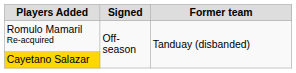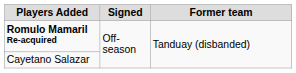 <table class="wikitable sortable sortable">
 <tr align="center" bgcolor="#dddddd">
 <td style="width:140px"><strong>Players Added</strong></td>
 <td style="width:70px"><strong>Signed</strong></td>
 <td style="width:210px"><strong>Former team</strong></td>
 </tr>
 <tr>
-<td>Romulo Mamaril <sup>Re-acquired</sup></td>
+<td><strong>Romulo Mamaril <sup>Re-acquired</sup></strong></td>
 <td rowspan="2">Off-season</td>
 <td rowspan="2">Tanduay (disbanded)</td>
 </tr>
 <tr>
-<td style="background: gold;">Cayetano Salazar</td>
+<td>Cayetano Salazar</td>
 </tr>
 </table>
